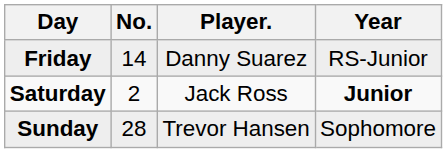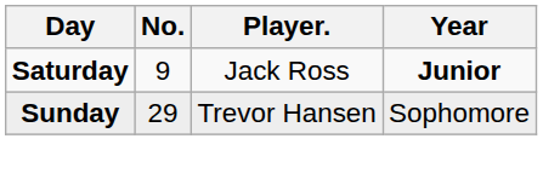 <table class="wikitable non-sortable">
 <tr>
 <th style="text-align:center; ">Day</th>
 <th style="text-align:center; ">No.</th>
 <th style="text-align:center; ">Player.</th>
 <th style="text-align:center; ">Year</th>
 </tr>
-<tr style="background:#eeeeee;text-align:center;">
-<td><strong>Friday</strong></td>
-<td>14</td>
-<td>Danny Suarez</td>
-<td>RS-Junior</td>
-</tr>
 <tr style="text-align:center;">
 <td><strong>Saturday</strong></td>
-<td>2</td>
+<td>9</td>
 <td>Jack Ross</td>
 <td><strong>Junior</strong></td>
 </tr>
 <tr style="background:#eeeeee;text-align:center;">
 <td><strong>Sunday</strong></td>
-<td>28</td>
+<td>29</td>
 <td>Trevor Hansen</td>
 <td>Sophomore</td>
 </tr>
 </table>
